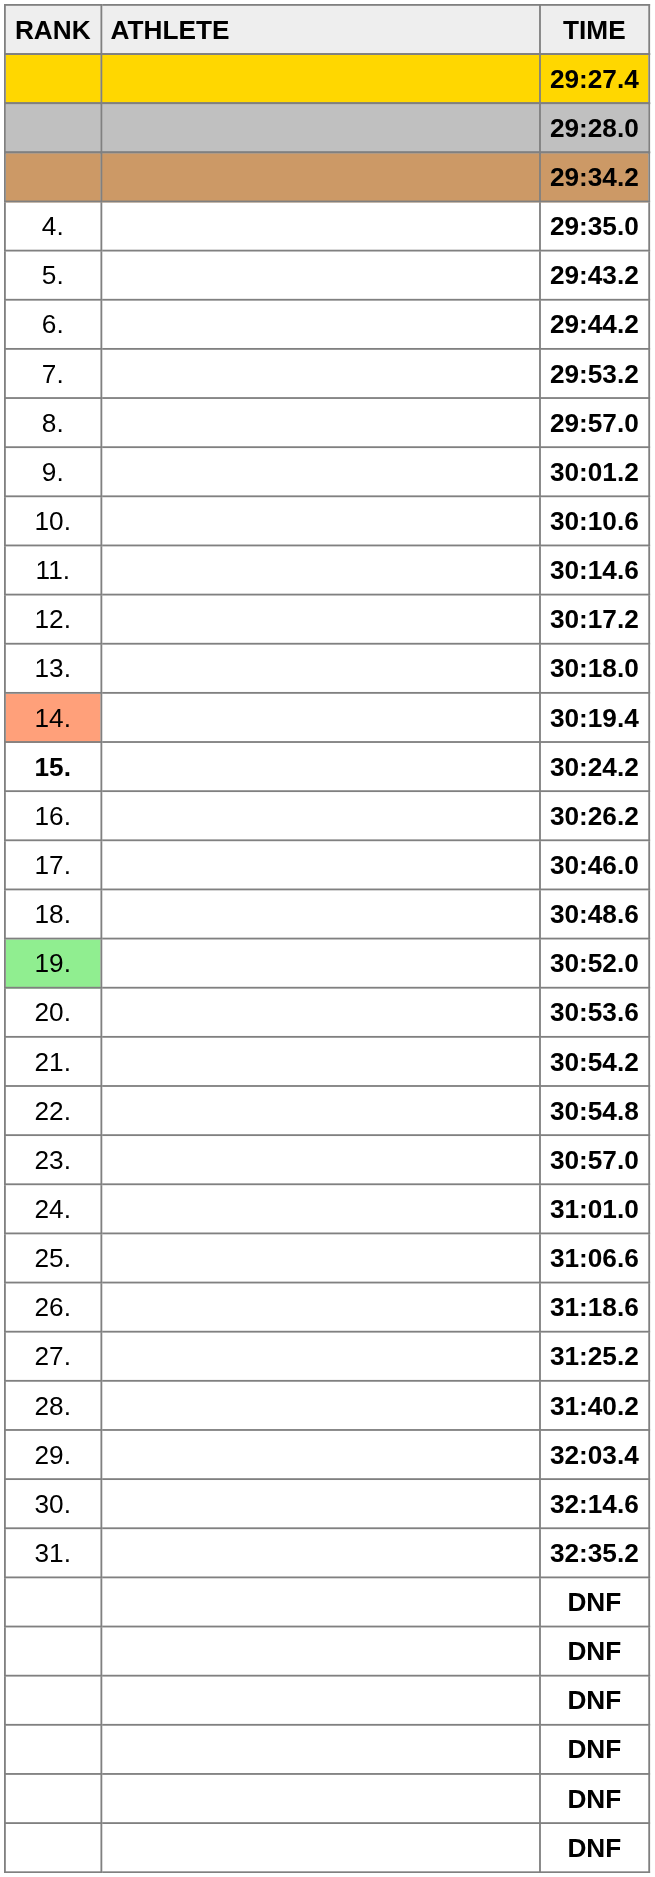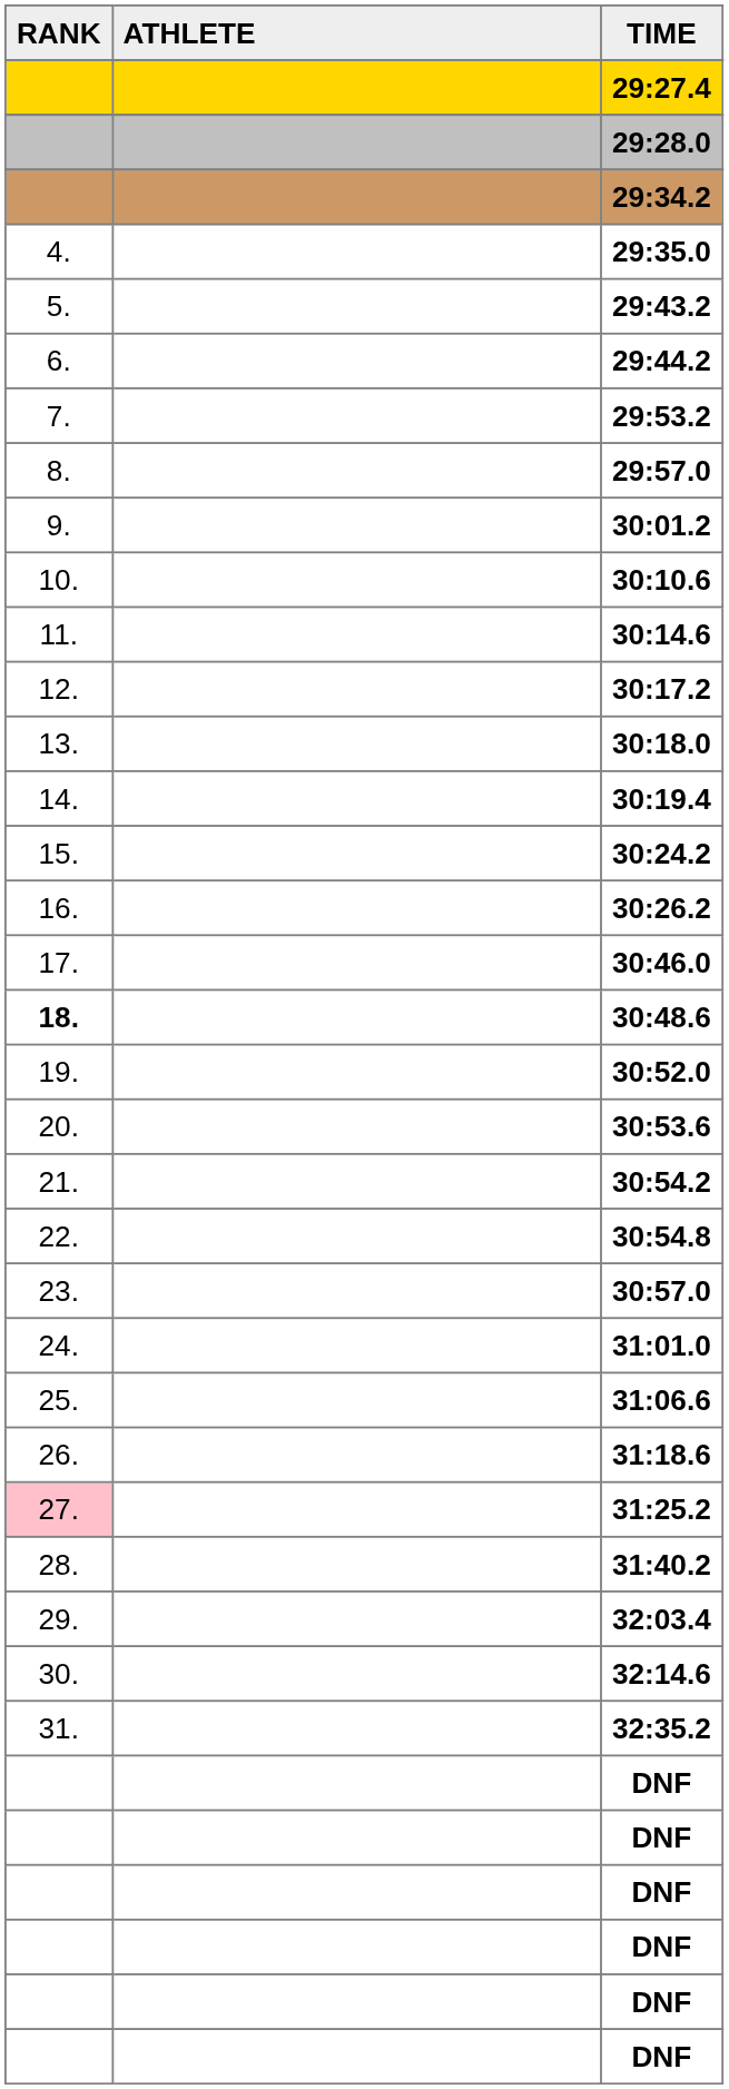 <table border="1" cellspacing="2" cellpadding="5" style="border-collapse: collapse; font-size: 90%;">
 <tr bgcolor="eeeeee">
 <th>RANK</th>
 <th align="left" style="width: 16em">ATHLETE</th>
 <th>TIME</th>
 </tr>
 <tr>
 </tr>
 <tr bgcolor=gold>
 <td align="center"></td>
 <td></td>
 <td align="center"><strong>29:27.4</strong></td>
 </tr>
 <tr>
 </tr>
 <tr bgcolor=silver>
 <td align="center"></td>
 <td></td>
 <td align="center"><strong>29:28.0</strong></td>
 </tr>
 <tr>
 </tr>
 <tr bgcolor=cc9966>
 <td align="center"></td>
 <td></td>
 <td align="center"><strong>29:34.2</strong></td>
 </tr>
 <tr>
 <td align="center">4.</td>
 <td></td>
 <td align="center"><strong>29:35.0</strong></td>
 </tr>
 <tr>
 <td align="center">5.</td>
 <td></td>
 <td align="center"><strong>29:43.2</strong></td>
 </tr>
 <tr>
 <td align="center">6.</td>
 <td></td>
 <td align="center"><strong>29:44.2</strong></td>
 </tr>
 <tr>
 <td align="center">7.</td>
 <td></td>
 <td align="center"><strong>29:53.2</strong></td>
 </tr>
 <tr>
 <td align="center">8.</td>
 <td></td>
 <td align="center"><strong>29:57.0</strong></td>
 </tr>
 <tr>
 <td align="center">9.</td>
 <td></td>
 <td align="center"><strong>30:01.2</strong></td>
 </tr>
 <tr>
 <td align="center">10.</td>
 <td></td>
 <td align="center"><strong>30:10.6</strong></td>
 </tr>
 <tr>
 <td align="center">11.</td>
 <td></td>
 <td align="center"><strong>30:14.6</strong></td>
 </tr>
 <tr>
 <td align="center">12.</td>
 <td></td>
 <td align="center"><strong>30:17.2</strong></td>
 </tr>
 <tr>
 <td align="center">13.</td>
 <td></td>
 <td align="center"><strong>30:18.0</strong></td>
 </tr>
 <tr>
-<td align="center" style="background: lightsalmon;">14.</td>
+<td align="center">14.</td>
 <td></td>
 <td align="center"><strong>30:19.4</strong></td>
 </tr>
 <tr>
-<td align="center"><strong>15.</strong></td>
+<td align="center">15.</td>
 <td></td>
 <td align="center"><strong>30:24.2</strong></td>
 </tr>
 <tr>
 <td align="center">16.</td>
 <td></td>
 <td align="center"><strong>30:26.2</strong></td>
 </tr>
 <tr>
 <td align="center">17.</td>
 <td></td>
 <td align="center"><strong>30:46.0</strong></td>
 </tr>
 <tr>
-<td align="center">18.</td>
+<td align="center"><strong>18.</strong></td>
 <td></td>
 <td align="center"><strong>30:48.6</strong></td>
 </tr>
 <tr>
-<td align="center" style="background: lightgreen;">19.</td>
+<td align="center">19.</td>
 <td></td>
 <td align="center"><strong>30:52.0</strong></td>
 </tr>
 <tr>
 <td align="center">20.</td>
 <td></td>
 <td align="center"><strong>30:53.6</strong></td>
 </tr>
 <tr>
 <td align="center">21.</td>
 <td></td>
 <td align="center"><strong>30:54.2</strong></td>
 </tr>
 <tr>
 <td align="center">22.</td>
 <td></td>
 <td align="center"><strong>30:54.8</strong></td>
 </tr>
 <tr>
 <td align="center">23.</td>
 <td></td>
 <td align="center"><strong>30:57.0</strong></td>
 </tr>
 <tr>
 <td align="center">24.</td>
 <td></td>
 <td align="center"><strong>31:01.0</strong></td>
 </tr>
 <tr>
 <td align="center">25.</td>
 <td></td>
 <td align="center"><strong>31:06.6</strong></td>
 </tr>
 <tr>
 <td align="center">26.</td>
 <td></td>
 <td align="center"><strong>31:18.6</strong></td>
 </tr>
 <tr>
-<td align="center">27.</td>
+<td align="center" style="background: pink;">27.</td>
 <td></td>
 <td align="center"><strong>31:25.2</strong></td>
 </tr>
 <tr>
 <td align="center">28.</td>
 <td></td>
 <td align="center"><strong>31:40.2</strong></td>
 </tr>
 <tr>
 <td align="center">29.</td>
 <td></td>
 <td align="center"><strong>32:03.4</strong></td>
 </tr>
 <tr>
 <td align="center">30.</td>
 <td></td>
 <td align="center"><strong>32:14.6</strong></td>
 </tr>
 <tr>
 <td align="center">31.</td>
 <td></td>
 <td align="center"><strong>32:35.2</strong></td>
 </tr>
 <tr>
 <td align="center"></td>
 <td></td>
 <td align="center"><strong>DNF</strong></td>
 </tr>
 <tr>
 <td align="center"></td>
 <td></td>
 <td align="center"><strong>DNF</strong></td>
 </tr>
 <tr>
 <td align="center"></td>
 <td></td>
 <td align="center"><strong>DNF</strong></td>
 </tr>
 <tr>
 <td align="center"></td>
 <td></td>
 <td align="center"><strong>DNF</strong></td>
 </tr>
 <tr>
 <td align="center"></td>
 <td></td>
 <td align="center"><strong>DNF</strong></td>
 </tr>
 <tr>
 <td align="center"></td>
 <td></td>
 <td align="center"><strong>DNF</strong></td>
 </tr>
 </table>
